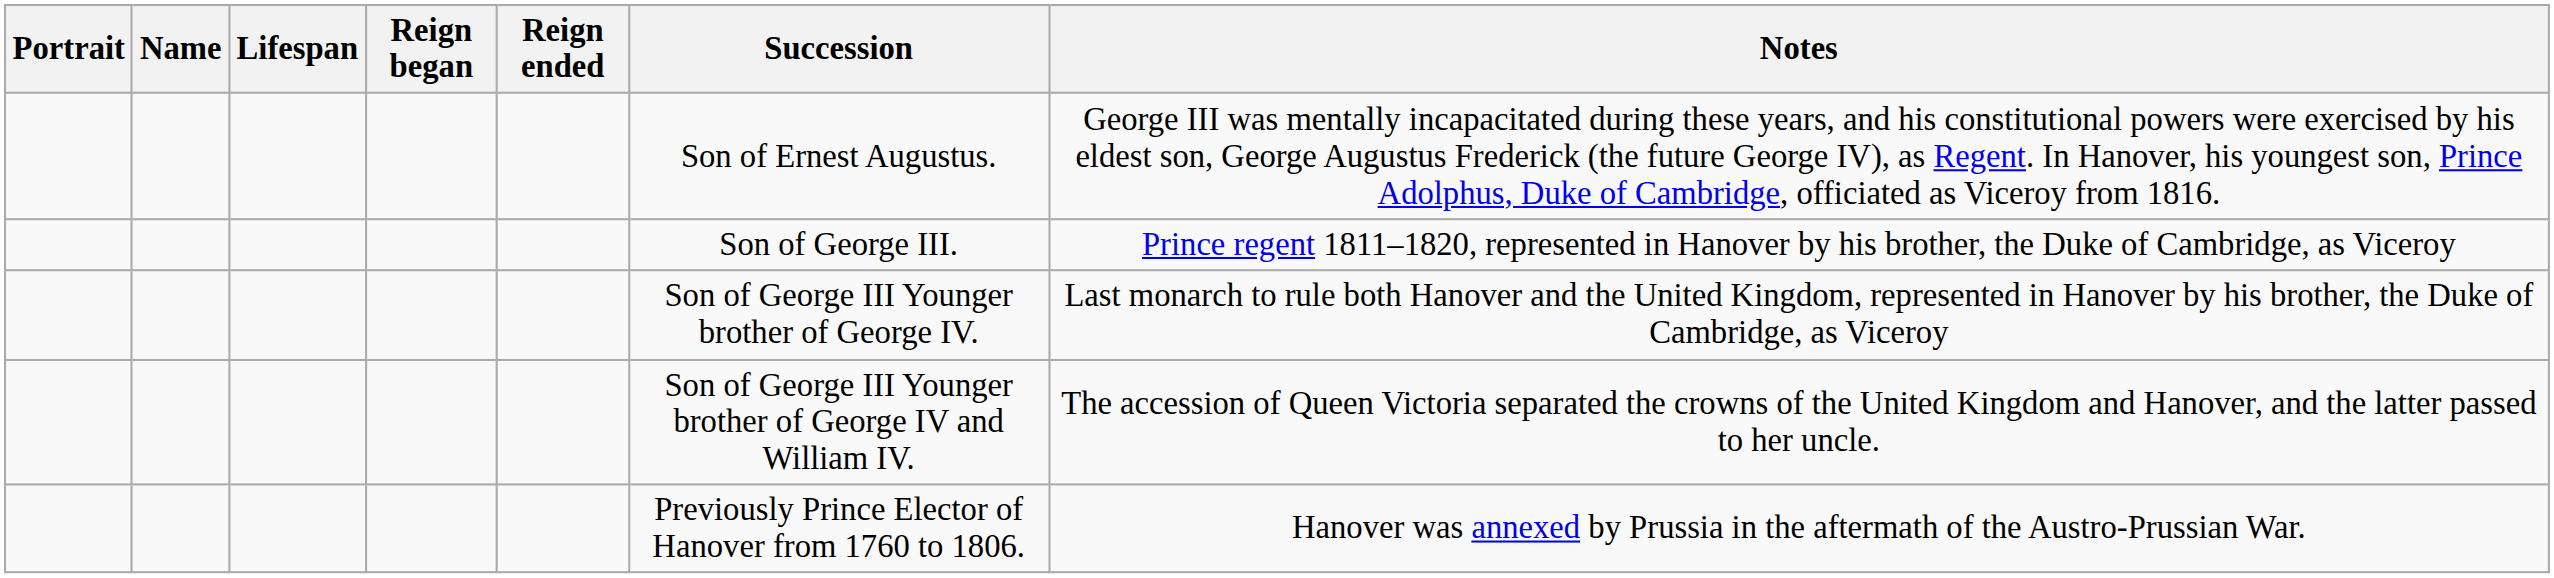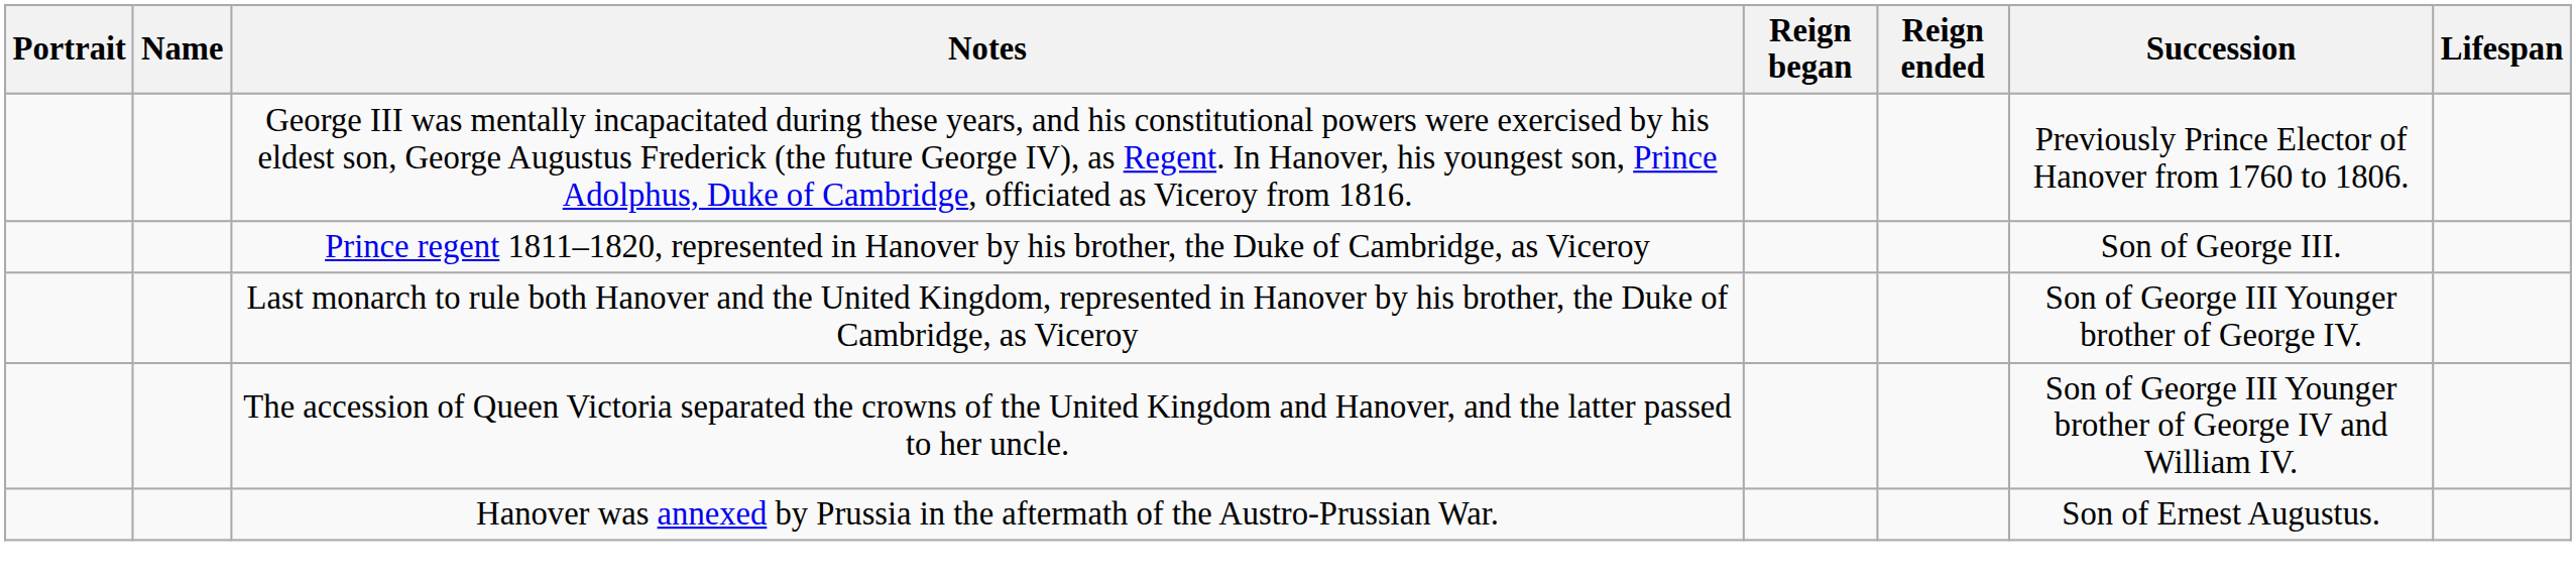 <table class="wikitable" style="text-align:center;">
 <tr>
 <th>Portrait</th>
 <th>Name</th>
-<th>Lifespan</th>
+<th>Notes</th>
 <th>Reign began</th>
 <th>Reign ended</th>
 <th>Succession</th>
-<th>Notes</th>
+<th>Lifespan</th>
 </tr>
 <tr>
 <td></td>
 <td></td>
+<td>George III was mentally incapacitated during these years, and his constitutional powers were exercised by his eldest son, George Augustus Frederick (the future George IV), as <a href='#'>Regent</a>. In Hanover, his youngest son, <a href='#'>Prince Adolphus, Duke of Cambridge</a>, officiated as Viceroy from 1816.</td>
 <td></td>
 <td></td>
+<td>Previously Prince Elector of Hanover from 1760 to 1806.</td>
 <td></td>
-<td>Son of Ernest Augustus.</td>
-<td>George III was mentally incapacitated during these years, and his constitutional powers were exercised by his eldest son, George Augustus Frederick (the future George IV), as <a href='#'>Regent</a>. In Hanover, his youngest son, <a href='#'>Prince Adolphus, Duke of Cambridge</a>, officiated as Viceroy from 1816.</td>
 </tr>
 <tr>
 <td></td>
 <td></td>
-<td></td>
+<td><a href='#'>Prince regent</a> 1811–1820, represented in Hanover by his brother, the Duke of Cambridge, as Viceroy</td>
 <td></td>
 <td></td>
 <td>Son of George III.</td>
-<td><a href='#'>Prince regent</a> 1811–1820, represented in Hanover by his brother, the Duke of Cambridge, as Viceroy</td>
+<td></td>
 </tr>
 <tr>
 <td></td>
 <td></td>
-<td></td>
+<td>Last monarch to rule both Hanover and the United Kingdom, represented in Hanover by his brother, the Duke of Cambridge, as Viceroy</td>
 <td></td>
 <td></td>
 <td>Son of George III  Younger brother of George IV.</td>
-<td>Last monarch to rule both Hanover and the United Kingdom, represented in Hanover by his brother, the Duke of Cambridge, as Viceroy</td>
+<td></td>
 </tr>
 <tr>
 <td></td>
 <td></td>
-<td></td>
+<td>The accession of Queen Victoria separated the crowns of the United Kingdom and Hanover, and the latter passed to her uncle.</td>
 <td></td>
 <td></td>
 <td>Son of George III  Younger brother of George IV and William IV.</td>
-<td>The accession of Queen Victoria separated the crowns of the United Kingdom and Hanover, and the latter passed to her uncle.</td>
+<td></td>
 </tr>
 <tr>
 <td></td>
 <td></td>
+<td>Hanover was <a href='#'>annexed</a> by Prussia in the aftermath of the Austro-Prussian War.</td>
 <td></td>
 <td></td>
+<td>Son of Ernest Augustus.</td>
 <td></td>
-<td>Previously Prince Elector of Hanover from 1760 to 1806.</td>
-<td>Hanover was <a href='#'>annexed</a> by Prussia in the aftermath of the Austro-Prussian War.</td>
 </tr>
 </table>
